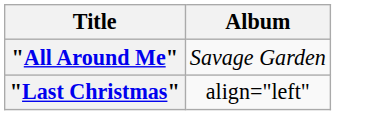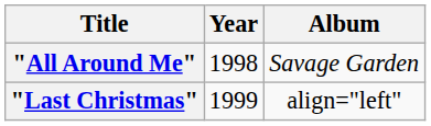 <table class="wikitable plainrowheaders" style="text-align:center">
 <tr>
 <th scope="col">Title</th>
+<th scope="col">Year</th>
 <th scope="col">Album</th>
 </tr>
 <tr>
 <th scope="row">"<a href='#'>All Around Me</a>"</th>
+<td>1998</td>
 <td align="left"><em>Savage Garden</em></td>
 </tr>
 <tr>
 <th scope="row">"<a href='#'>Last Christmas</a>"</th>
+<td>1999</td>
 <td>align="left" </td>
 </tr>
 </table>
